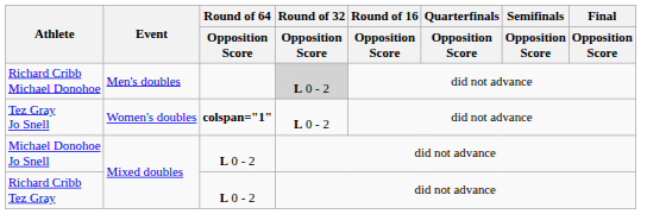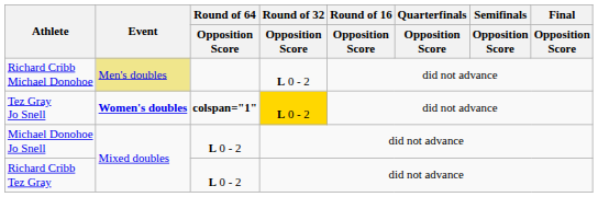 <table class=wikitable style="font-size:90%">
 <tr>
 <th rowspan="2">Athlete</th>
 <th rowspan="2">Event</th>
 <th>Round of 64</th>
 <th>Round of 32</th>
 <th>Round of 16</th>
 <th>Quarterfinals</th>
 <th>Semifinals</th>
 <th>Final</th>
 </tr>
 <tr>
 <th>Opposition<br>Score</th>
 <th>Opposition<br>Score</th>
 <th>Opposition<br>Score</th>
 <th>Opposition<br>Score</th>
 <th>Opposition<br>Score</th>
 <th>Opposition<br>Score</th>
 </tr>
 <tr align=center>
 <td align=left><a href='#'>Richard Cribb</a>  <br> <a href='#'>Michael Donohoe</a></td>
-<td align=left><a href='#'>Men's doubles</a></td>
+<td align=left style="background: khaki;"><a href='#'>Men's doubles</a></td>
 <td></td>
-<td style="background: lightgrey;"><br><strong>L</strong> 0 - 2</td>
+<td><br><strong>L</strong> 0 - 2</td>
 <td colspan=4>did not advance</td>
 </tr>
 <tr align=center>
 <td align=left><a href='#'>Tez Gray</a> <br> <a href='#'>Jo Snell</a></td>
-<td align=left><a href='#'>Women's doubles</a></td>
+<td align=left><strong><a href='#'>Women's doubles</a></strong></td>
 <td><strong>colspan="1" </strong></td>
-<td><br><strong>L</strong> 0 - 2</td>
+<td style="background: gold;"><br><strong>L</strong> 0 - 2</td>
 <td colspan=4>did not advance</td>
 </tr>
 <tr align=center>
 <td align=left><a href='#'>Michael Donohoe</a> <br> <a href='#'>Jo Snell</a></td>
 <td rowspan="2" align=left><a href='#'>Mixed doubles</a></td>
 <td><br><strong>L</strong> 0 - 2</td>
 <td colspan=5>did not advance</td>
 </tr>
 <tr align=center>
 <td align=left><a href='#'>Richard Cribb</a> <br> <a href='#'>Tez Gray</a></td>
 <td><br><strong>L</strong> 0 - 2</td>
 <td colspan=5>did not advance</td>
 </tr>
 </table>
